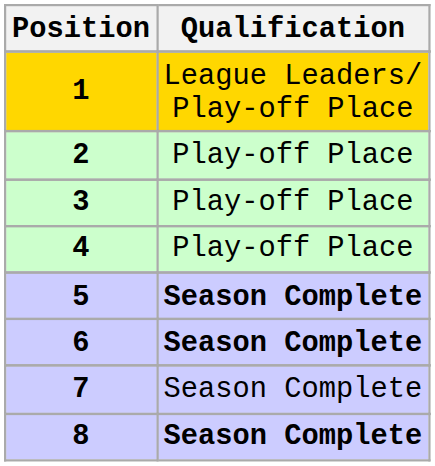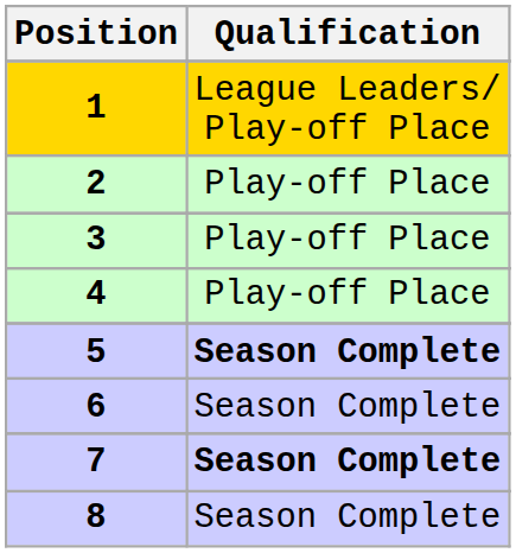 <table class="wikitable" style="text-align:center;">
 <tr>
 <th>Position</th>
 <th>Qualification</th>
 </tr>
 <tr --->
 </tr>
 <tr align=center style="background:gold">
 <td><strong>1</strong></td>
 <td colspan=8>League Leaders/<br>Play-off Place</td>
 </tr>
 <tr --->
 </tr>
 <tr align=center style="background:#ccffcc;">
 <td><strong>2</strong></td>
 <td colspan=8>Play-off Place</td>
 </tr>
 <tr --->
 </tr>
 <tr align=center style="background:#ccffcc;">
 <td><strong>3</strong></td>
 <td colspan=8>Play-off Place</td>
 </tr>
 <tr --->
 </tr>
 <tr align=center style="background:#ccffcc;">
 <td><strong>4</strong></td>
 <td colspan=8>Play-off Place</td>
 </tr>
 <tr --->
 </tr>
 <tr align=center style="background:#ccccff;">
 <td><strong>5</strong></td>
 <td><strong>Season Complete</strong></td>
 </tr>
 <tr --->
 </tr>
 <tr align=center style="background:#ccccff;">
 <td><strong>6</strong></td>
+<td>Season Complete</td>
+</tr>
+<tr --->
+</tr>
+<tr align=center style="background:#ccccff;">
+<td><strong>7</strong></td>
 <td><strong>Season Complete</strong></td>
 </tr>
 <tr --->
 </tr>
 <tr align=center style="background:#ccccff;">
-<td><strong>7</strong></td>
+<td><strong>8</strong></td>
 <td>Season Complete</td>
 </tr>
-<tr --->
-</tr>
-<tr align=center style="background:#ccccff;">
-<td><strong>8</strong></td>
-<td><strong>Season Complete</strong></td>
-</tr>
 </table>
